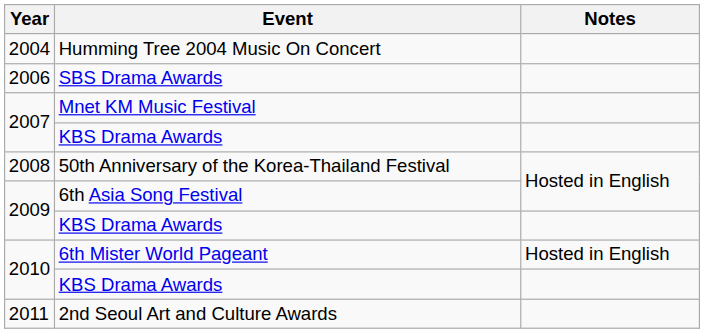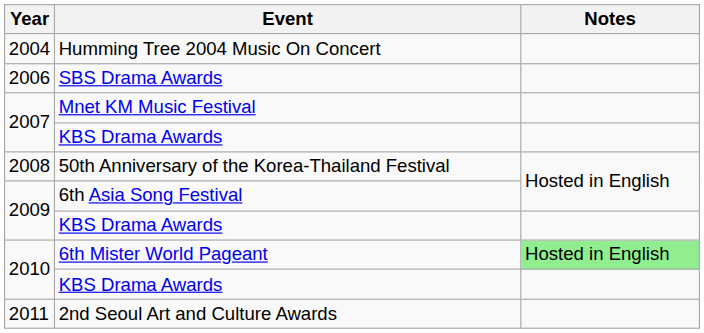 <table class="wikitable sortable" style="width:600px">
 <tr>
 <th width=10>Year</th>
 <th>Event</th>
 <th>Notes</th>
 </tr>
 <tr>
 <td>2004</td>
 <td>Humming Tree 2004 Music On Concert</td>
 <td></td>
 </tr>
 <tr>
 <td>2006</td>
 <td><a href='#'>SBS Drama Awards</a></td>
 <td></td>
 </tr>
 <tr>
 <td rowspan="2">2007</td>
 <td><a href='#'>Mnet KM Music Festival</a></td>
 <td></td>
 </tr>
 <tr>
 <td><a href='#'>KBS Drama Awards</a></td>
 <td></td>
 </tr>
 <tr>
 <td>2008</td>
 <td>50th Anniversary of the Korea-Thailand Festival</td>
 <td rowspan="2">Hosted in English</td>
 </tr>
 <tr>
 <td rowspan="2">2009</td>
 <td>6th <a href='#'>Asia Song Festival</a></td>
 </tr>
 <tr>
 <td><a href='#'>KBS Drama Awards</a></td>
 <td></td>
 </tr>
 <tr>
 <td rowspan="2">2010</td>
 <td><a href='#'>6th Mister World Pageant</a></td>
-<td>Hosted in English </td>
+<td style="background: lightgreen;">Hosted in English </td>
 </tr>
 <tr>
 <td><a href='#'>KBS Drama Awards</a></td>
 <td></td>
 </tr>
 <tr>
 <td>2011</td>
 <td>2nd Seoul Art and Culture Awards</td>
 <td></td>
 </tr>
 </table>
